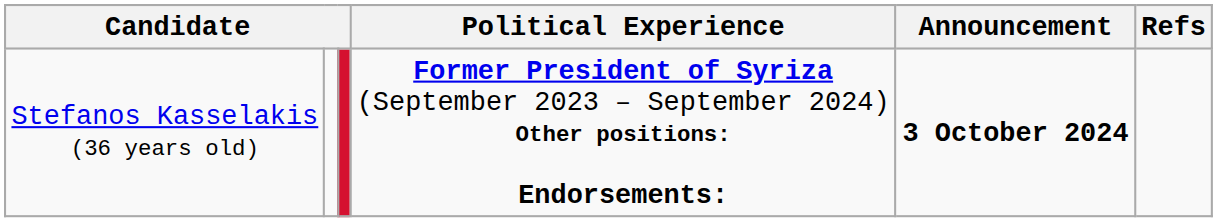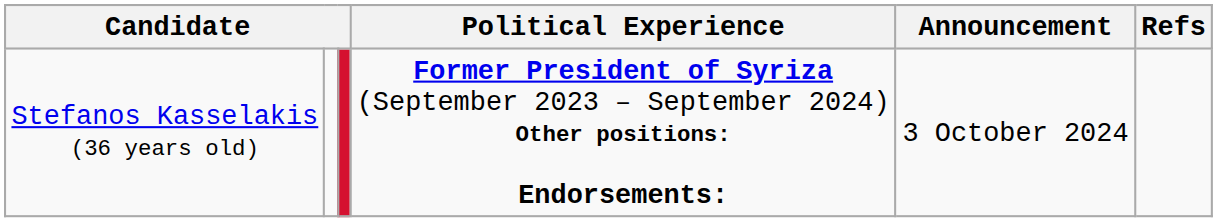 <table class="wikitable" style="text-align:center;">
 <tr>
 <th colspan="3" width="125">Candidate</th>
 <th>Political Experience</th>
 <th>Announcement</th>
 <th>Refs</th>
 </tr>
 <tr>
 <td><a href='#'>Stefanos Kasselakis</a> <br><small>(36 years old)</small></td>
 <td></td>
 <th style="color:inherit;background:#D51030;"></th>
 <td><strong><a href='#'>Former President of Syriza</a></strong><br>(September 2023 – September 2024)<br><small><strong>Other positions:</strong></small><br><br><strong>Endorsements:</strong> </td>
-<td><strong>3 October 2024</strong></td>
+<td>3 October 2024</td>
 <td></td>
 </tr>
 </table>
